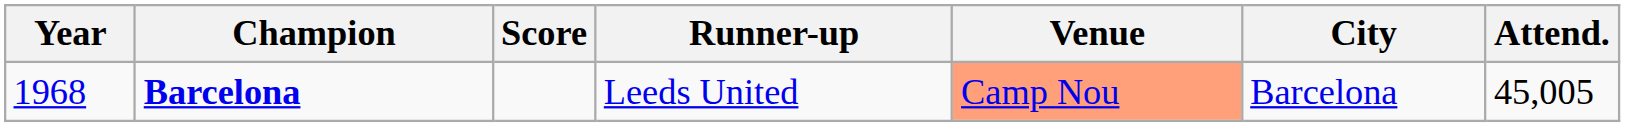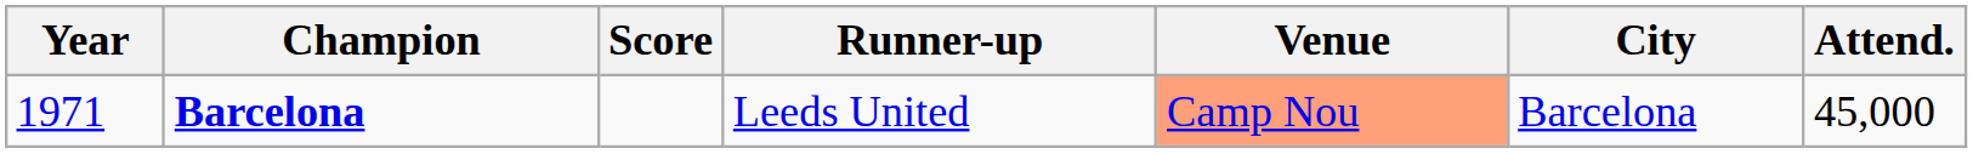 <table class="wikitable" style="text-align: ;">
 <tr>
 <th width= 50px>Year</th>
 <th width= 150px>Champion</th>
 <th width= px>Score</th>
 <th width= 150px>Runner-up</th>
 <th width= 120px>Venue</th>
 <th width= 100px>City</th>
 <th width= px>Attend.</th>
 </tr>
 <tr>
-<td><a href='#'>1968</a></td>
+<td><a href='#'>1971</a></td>
 <td> <strong><a href='#'>Barcelona</a></strong></td>
 <td></td>
 <td> <a href='#'>Leeds United</a></td>
 <td style="background: lightsalmon;"><a href='#'>Camp Nou</a></td>
 <td><a href='#'>Barcelona</a></td>
-<td>45,005</td>
+<td>45,000</td>
 </tr>
 </table>
